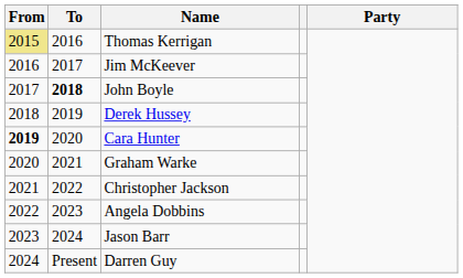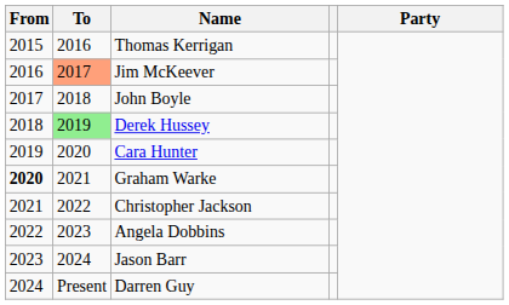 <table class="wikitable sortable">
 <tr>
 <th>From</th>
 <th>To</th>
 <th scope="col" width="200">Name</th>
 <th class="unsortable"></th>
 <th scope="col" width="150">Party</th>
 </tr>
 <tr>
-<td style="background: khaki;">2015</td>
+<td>2015</td>
 <td>2016</td>
 <td>Thomas Kerrigan</td>
 <td></td>
 </tr>
 <tr>
 <td>2016</td>
-<td>2017</td>
+<td style="background: lightsalmon;">2017</td>
 <td>Jim McKeever</td>
 <td></td>
 </tr>
 <tr>
 <td>2017</td>
-<td><strong>2018</strong></td>
+<td>2018</td>
 <td>John Boyle</td>
 <td></td>
 </tr>
 <tr>
 <td>2018</td>
-<td>2019</td>
+<td style="background: lightgreen;">2019</td>
 <td><a href='#'>Derek Hussey</a></td>
 <td></td>
 </tr>
 <tr>
-<td><strong>2019</strong></td>
+<td>2019</td>
 <td>2020</td>
 <td><a href='#'>Cara Hunter</a></td>
 <td></td>
 </tr>
 <tr>
-<td>2020</td>
+<td><strong>2020</strong></td>
 <td>2021</td>
 <td>Graham Warke</td>
 <td></td>
 </tr>
 <tr>
 <td>2021</td>
 <td>2022</td>
 <td>Christopher Jackson</td>
 <td></td>
 </tr>
 <tr>
 <td>2022</td>
 <td>2023</td>
 <td>Angela Dobbins</td>
 <td></td>
 </tr>
 <tr>
 <td>2023</td>
 <td>2024</td>
 <td>Jason Barr</td>
 <td></td>
 </tr>
 <tr>
 <td>2024</td>
 <td>Present</td>
 <td>Darren Guy</td>
 <td></td>
 </tr>
 </table>
